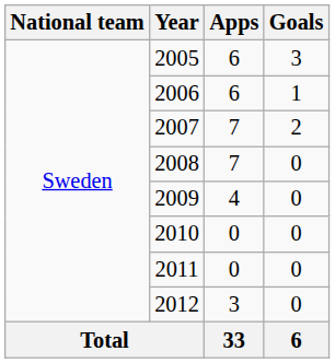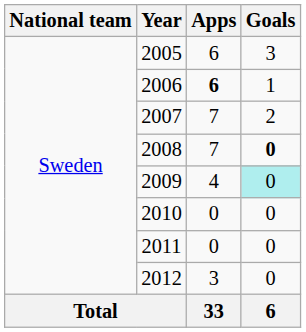 <table class="wikitable" style="text-align:center">
 <tr>
 <th>National team</th>
 <th>Year</th>
 <th>Apps</th>
 <th>Goals</th>
 </tr>
 <tr>
 <td rowspan="8"><a href='#'>Sweden</a></td>
 <td>2005</td>
 <td>6</td>
 <td>3</td>
 </tr>
 <tr>
 <td>2006</td>
-<td>6</td>
+<td><strong>6</strong></td>
 <td>1</td>
 </tr>
 <tr>
 <td>2007</td>
 <td>7</td>
 <td>2</td>
 </tr>
 <tr>
 <td>2008</td>
 <td>7</td>
-<td>0</td>
+<td><strong>0</strong></td>
 </tr>
 <tr>
 <td>2009</td>
 <td>4</td>
-<td>0</td>
+<td style="background: paleturquoise;">0</td>
 </tr>
 <tr>
 <td>2010</td>
 <td>0</td>
 <td>0</td>
 </tr>
 <tr>
 <td>2011</td>
 <td>0</td>
 <td>0</td>
 </tr>
 <tr>
 <td>2012</td>
 <td>3</td>
 <td>0</td>
 </tr>
 <tr>
 <th colspan="2">Total</th>
 <th>33</th>
 <th>6</th>
 </tr>
 </table>
